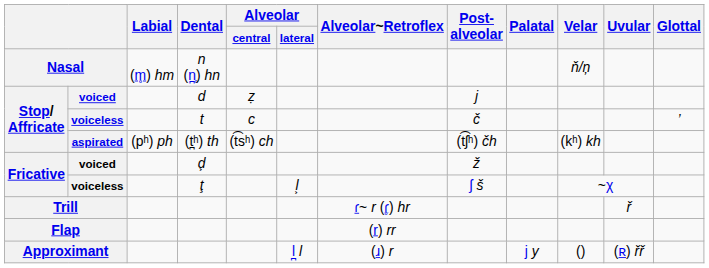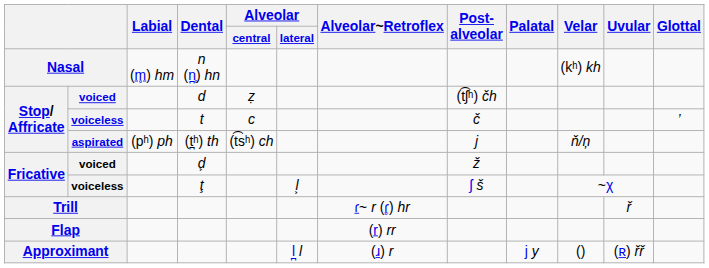 <table class="wikitable" style="text-align:center">
 <tr>
 <th colspan="2" rowspan="2"></th>
 <th rowspan="2"><a href='#'>Labial</a></th>
 <th rowspan="2"><a href='#'>Dental</a></th>
 <th colspan="2"><a href='#'>Alveolar</a></th>
 <th rowspan="2"><a href='#'>Alveolar</a>~<a href='#'>Retroflex</a></th>
 <th rowspan="2"><a href='#'>Post-<br>alveolar</a></th>
 <th rowspan="2"><a href='#'>Palatal</a></th>
 <th rowspan="2"><a href='#'>Velar</a></th>
 <th rowspan="2"><a href='#'>Uvular</a></th>
 <th rowspan="2"><a href='#'>Glottal</a></th>
 </tr>
 <tr>
 <th><small><a href='#'>central</a></small></th>
 <th><small><a href='#'>lateral</a></small></th>
 </tr>
 <tr>
 <th colspan="2"><a href='#'>Nasal</a></th>
 <td><br>(<a href='#'>m̥</a>) <em>hm</em></td>
 <td> <em>n</em><br>(<a href='#'>n̪̥</a>) <em>hn</em></td>
 <td></td>
 <td></td>
 <td></td>
 <td></td>
 <td></td>
-<td> <em>ň/ņ</em></td>
+<td>(kʰ) <em>kh</em></td>
 <td></td>
 <td></td>
 </tr>
 <tr>
 <th rowspan="3"><a href='#'>Stop</a>/<br><a href='#'>Affricate</a></th>
 <th><small><a href='#'>voiced</a></small></th>
 <td></td>
 <td> <em>d</em></td>
 <td> <em>ẓ</em></td>
 <td></td>
 <td></td>
-<td> <em>j</em></td>
+<td>(t͡ʃʰ) <em>čh</em></td>
 <td></td>
 <td></td>
 <td></td>
 <td></td>
 </tr>
 <tr>
 <th><small><a href='#'>voiceless</a></small></th>
 <td></td>
 <td> <em>t</em></td>
 <td> <em>c</em></td>
 <td></td>
 <td></td>
 <td> <em>č</em></td>
 <td></td>
 <td></td>
 <td></td>
 <td> <em>’</em></td>
 </tr>
 <tr>
 <th><a href='#'><small>aspirated</small></a></th>
 <td>(pʰ) <em>ph</em></td>
 <td>(t̪ʰ) <em>th</em></td>
 <td>(t͡sʰ) <em>ch</em></td>
 <td></td>
 <td></td>
-<td>(t͡ʃʰ) <em>čh</em></td>
+<td> <em>j</em></td>
 <td></td>
-<td>(kʰ) <em>kh</em></td>
+<td> <em>ň/ņ</em></td>
 <td></td>
 <td></td>
 </tr>
 <tr>
 <th rowspan="2"><a href='#'>Fricative</a></th>
 <th><small>voiced</small></th>
 <td></td>
 <td> <em>d͕</em></td>
 <td></td>
 <td></td>
 <td></td>
 <td> <em>ž</em></td>
 <td></td>
 <td></td>
 <td></td>
 <td></td>
 </tr>
 <tr>
 <th><small>voiceless</small></th>
 <td></td>
 <td> <em>ţ</em></td>
 <td></td>
 <td> <em>l͕</em></td>
 <td></td>
 <td><a href='#'>ʃ</a> <em>š</em></td>
 <td></td>
 <td colspan="2">~<a href='#'>χ</a></td>
 <td></td>
 </tr>
 <tr>
 <th colspan="2"><a href='#'>Trill</a></th>
 <td></td>
 <td></td>
 <td></td>
 <td></td>
 <td><a href='#'>ɾ</a>~ <em>r</em>   (<a href='#'>ɾ̥</a>) <em>hr</em></td>
 <td></td>
 <td></td>
 <td></td>
 <td> <em>ř</em></td>
 <td></td>
 </tr>
 <tr>
 <th colspan="2"><a href='#'>Flap</a></th>
 <td></td>
 <td></td>
 <td></td>
 <td></td>
 <td>(<a href='#'>r</a>) <em>rr</em></td>
 <td></td>
 <td></td>
 <td></td>
 <td></td>
 <td></td>
 </tr>
 <tr>
 <th colspan="2"><a href='#'>Approximant</a></th>
 <td></td>
 <td></td>
 <td></td>
 <td><a href='#'>l̪</a>  <em>l</em></td>
 <td>(<a href='#'>ɹ</a>) <em>r</em></td>
 <td></td>
 <td><a href='#'>j</a> <em>y</em></td>
 <td>()</td>
 <td>(<a href='#'>ʀ</a>) <em>řř</em></td>
 <td></td>
 </tr>
 </table>
